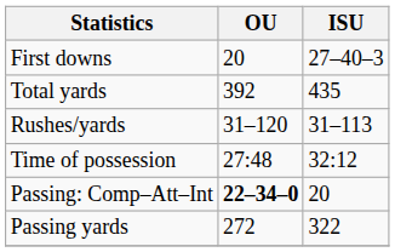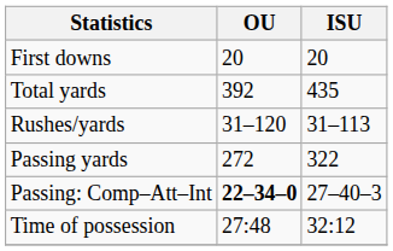 <table class="wikitable" style="float: left;">
 <tr>
 <th>Statistics</th>
 <th>OU</th>
 <th>ISU</th>
 </tr>
 <tr>
 <td>First downs</td>
 <td>20</td>
-<td>27–40–3</td>
+<td>20</td>
 </tr>
 <tr>
 <td>Total yards</td>
 <td>392</td>
 <td>435</td>
 </tr>
 <tr>
 <td>Rushes/yards</td>
 <td>31–120</td>
 <td>31–113</td>
 </tr>
 <tr>
+<td>Passing yards</td>
+<td>272</td>
+<td>322</td>
+</tr>
+<tr>
+<td>Passing: Comp–Att–Int</td>
+<td><strong>22–34–0</strong></td>
+<td>27–40–3</td>
+</tr>
+<tr>
 <td>Time of possession</td>
 <td>27:48</td>
 <td>32:12</td>
 </tr>
 <tr>
-<td>Passing: Comp–Att–Int</td>
-<td><strong>22–34–0</strong></td>
-<td>20</td>
-</tr>
-<tr>
-<td>Passing yards</td>
-<td>272</td>
-<td>322</td>
-</tr>
-<tr>
 </tr>
 </table>
